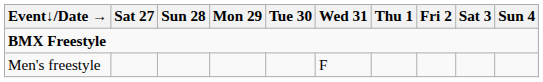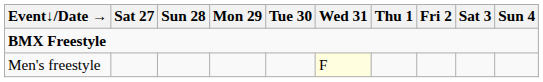 <table class="wikitable olympic-schedule cycling-2024">
 <tr>
 <th>Event↓/Date →</th>
 <th>Sat 27</th>
 <th>Sun 28</th>
 <th>Mon 29</th>
 <th>Tue 30</th>
 <th>Wed 31</th>
 <th colspan=2>Thu 1</th>
 <th colspan=2>Fri 2</th>
 <th>Sat 3</th>
 <th>Sun 4</th>
 </tr>
 <tr>
 <td colspan="12" class="event"><strong>BMX Freestyle</strong></td>
 </tr>
 <tr>
 <td class="event">Men's freestyle</td>
 <td></td>
 <td></td>
 <td></td>
 <td class="heats"></td>
-<td class="final">F</td>
+<td class="final" style="background: lightyellow;">F</td>
 <td colspan=2></td>
 <td colspan=2></td>
 <td></td>
 <td></td>
 </tr>
 </table>
